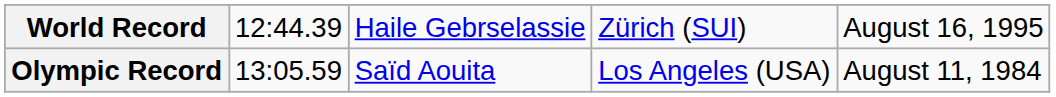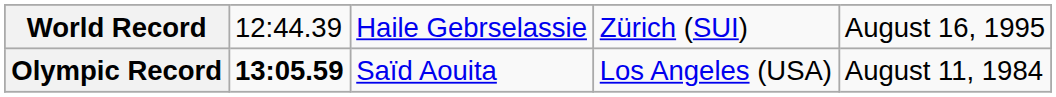 <table class="wikitable" style="font-size:95%;">
 <tr>
 <th>World Record</th>
 <td>12:44.39</td>
 <td> <a href='#'>Haile Gebrselassie</a></td>
 <td><a href='#'>Zürich</a> (<a href='#'>SUI</a>)</td>
 <td>August 16, 1995</td>
 </tr>
 <tr>
 <th>Olympic Record</th>
-<td>13:05.59</td>
+<td><strong>13:05.59</strong></td>
 <td> <a href='#'>Saïd Aouita</a></td>
 <td><a href='#'>Los Angeles</a> (USA)</td>
 <td>August 11, 1984</td>
 </tr>
 </table>
